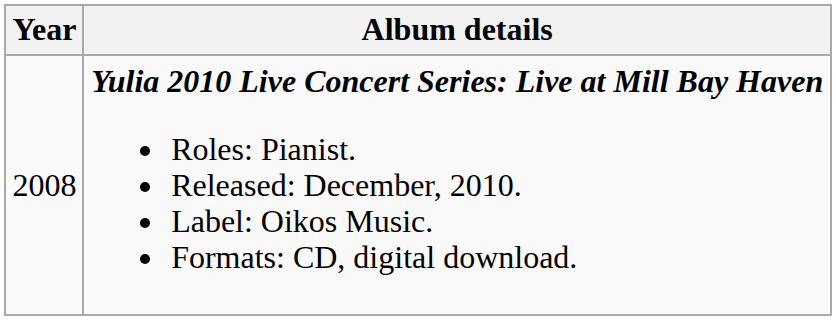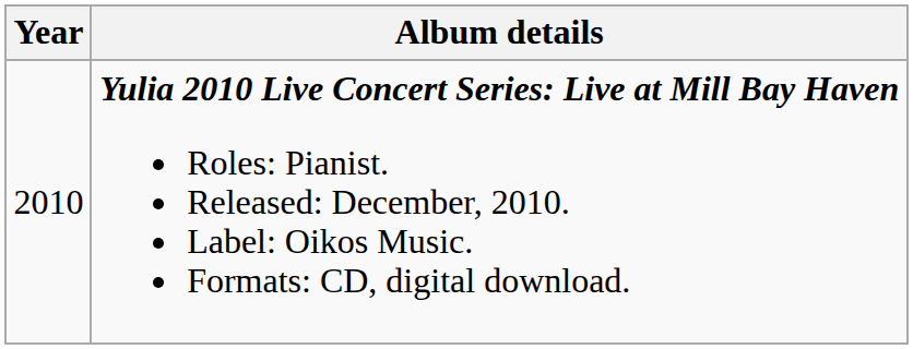 <table class="wikitable" style="text-align:center;">
 <tr>
 <th>Year</th>
 <th>Album details</th>
 </tr>
 <tr>
-<td>2008</td>
+<td>2010</td>
 <td align="left"><strong><em>Yulia 2010 Live Concert Series: Live at Mill Bay Haven</em></strong><br><ul><li>Roles: Pianist.</li><li>Released: December, 2010.</li><li>Label: Oikos Music.</li><li>Formats: CD, digital download.</li></ul></td>
 </tr>
 </table>
